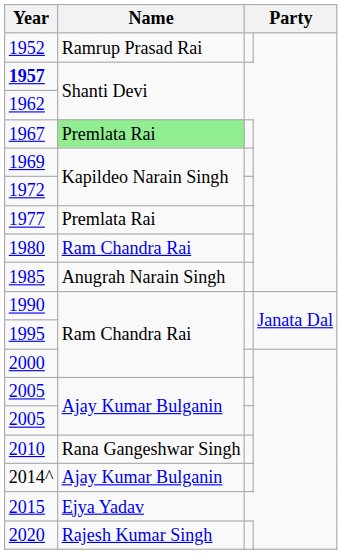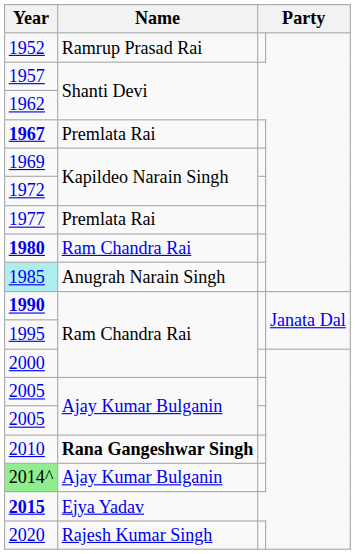 <table class="wikitable sortable">
 <tr>
 <th>Year</th>
 <th>Name</th>
 <th colspan="2">Party</th>
 </tr>
 <tr>
 <td><a href='#'>1952</a></td>
 <td>Ramrup Prasad Rai</td>
 <td></td>
 </tr>
 <tr>
-<td><strong><a href='#'>1957</a></strong></td>
+<td><a href='#'>1957</a></td>
 <td rowspan="2">Shanti Devi</td>
 </tr>
 <tr>
 <td><a href='#'>1962</a></td>
 </tr>
 <tr>
-<td><a href='#'>1967</a></td>
-<td style="background: lightgreen;">Premlata Rai</td>
+<td><strong><a href='#'>1967</a></strong></td>
+<td>Premlata Rai</td>
 <td></td>
 </tr>
 <tr>
 <td><a href='#'>1969</a></td>
 <td rowspan="2">Kapildeo Narain Singh</td>
 <td></td>
 </tr>
 <tr>
 <td><a href='#'>1972</a></td>
 <td></td>
 </tr>
 <tr>
 <td><a href='#'>1977</a></td>
 <td>Premlata Rai</td>
 <td></td>
 </tr>
 <tr>
-<td><a href='#'>1980</a></td>
+<td><strong><a href='#'>1980</a></strong></td>
 <td><a href='#'>Ram Chandra Rai</a></td>
 <td></td>
 </tr>
 <tr>
-<td><a href='#'>1985</a></td>
+<td style="background: paleturquoise;"><a href='#'>1985</a></td>
 <td>Anugrah Narain Singh</td>
 <td></td>
 </tr>
 <tr>
-<td><a href='#'>1990</a></td>
+<td><strong><a href='#'>1990</a></strong></td>
 <td rowspan="3">Ram Chandra Rai</td>
 <td rowspan="2" style="background-color :"></td>
 <td rowspan="2"><a href='#'>Janata Dal</a></td>
 </tr>
 <tr>
 <td><a href='#'>1995</a></td>
 </tr>
 <tr>
 <td><a href='#'>2000</a></td>
 <td></td>
 </tr>
 <tr>
 <td><a href='#'>2005</a></td>
 <td rowspan="2"><a href='#'>Ajay Kumar Bulganin</a></td>
 <td></td>
 </tr>
 <tr>
 <td><a href='#'>2005</a></td>
 <td></td>
 </tr>
 <tr>
 <td><a href='#'>2010</a></td>
-<td>Rana Gangeshwar Singh</td>
+<td><strong>Rana Gangeshwar Singh</strong></td>
 <td></td>
 </tr>
 <tr>
-<td>2014^</td>
+<td style="background: lightgreen;">2014^</td>
 <td><a href='#'>Ajay Kumar Bulganin</a></td>
 <td></td>
 </tr>
 <tr>
-<td><a href='#'>2015</a></td>
+<td><strong><a href='#'>2015</a></strong></td>
 <td><a href='#'>Ejya Yadav</a></td>
 </tr>
 <tr>
 <td><a href='#'>2020</a></td>
 <td><a href='#'>Rajesh Kumar Singh</a></td>
 <td></td>
 </tr>
 </table>
